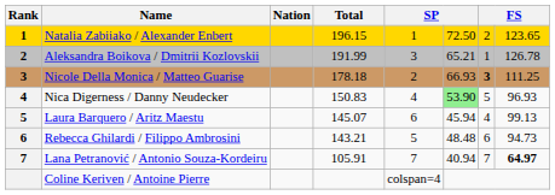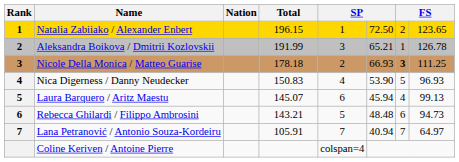 <table class="wikitable sortable">
 <tr>
 <th>Rank</th>
 <th>Name</th>
 <th>Nation</th>
 <th width="80px">Total</th>
 <th colspan="2" width="80px"><a href='#'>SP</a></th>
 <th colspan="2" width="80px"><a href='#'>FS</a></th>
 </tr>
 <tr bgcolor="gold">
 <td align="center"><strong>1</strong></td>
 <td><a href='#'>Natalia Zabiiako</a> / <a href='#'>Alexander Enbert</a></td>
 <td></td>
 <td align="center">196.15</td>
 <td align="center">1</td>
 <td align="center">72.50</td>
 <td align="center">2</td>
 <td align="center">123.65</td>
 </tr>
 <tr bgcolor="silver">
 <td align="center"><strong>2</strong></td>
 <td><a href='#'>Aleksandra Boikova</a> / <a href='#'>Dmitrii Kozlovskii</a></td>
 <td></td>
 <td align="center">191.99</td>
 <td align="center">3</td>
 <td align="center">65.21</td>
 <td align="center">1</td>
 <td align="center">126.78</td>
 </tr>
 <tr bgcolor="cc9966">
 <td align="center"><strong>3</strong></td>
 <td><a href='#'>Nicole Della Monica</a> / <a href='#'>Matteo Guarise</a></td>
 <td></td>
 <td align="center">178.18</td>
 <td align="center">2</td>
 <td align="center">66.93</td>
 <td align="center"><strong>3</strong></td>
 <td align="center">111.25</td>
 </tr>
 <tr>
 <th>4</th>
 <td>Nica Digerness / Danny Neudecker</td>
 <td></td>
 <td align="center">150.83</td>
 <td align="center">4</td>
-<td align="center" style="background: lightgreen;">53.90</td>
+<td align="center">53.90</td>
 <td align="center">5</td>
 <td align="center">96.93</td>
 </tr>
 <tr>
 <th>5</th>
 <td><a href='#'>Laura Barquero</a> / <a href='#'>Aritz Maestu</a></td>
 <td></td>
 <td align="center">145.07</td>
 <td align="center">6</td>
 <td align="center">45.94</td>
 <td align="center">4</td>
 <td align="center">99.13</td>
 </tr>
 <tr>
 <th>6</th>
 <td><a href='#'>Rebecca Ghilardi</a> / <a href='#'>Filippo Ambrosini</a></td>
 <td></td>
 <td align="center">143.21</td>
 <td align="center">5</td>
 <td align="center">48.48</td>
 <td align="center">6</td>
 <td align="center">94.73</td>
 </tr>
 <tr>
 <th>7</th>
 <td><a href='#'>Lana Petranović</a> / <a href='#'>Antonio Souza-Kordeiru</a></td>
 <td></td>
 <td align="center">105.91</td>
 <td align="center">7</td>
 <td align="center">40.94</td>
 <td align="center">7</td>
-<td align="center"><strong>64.97</strong></td>
+<td align="center">64.97</td>
 </tr>
 <tr>
 <th></th>
 <td><a href='#'>Coline Keriven</a> / <a href='#'>Antoine Pierre</a></td>
 <td></td>
 <td></td>
 <td>colspan=4 </td>
 </tr>
 </table>
